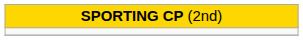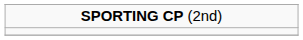 <table class="wikitable" style="text-align: center; margin: 0 auto; width: 20%">
 <tr CERS CUP>
 </tr>
 <tr>
-<td style="background: gold;"><strong> SPORTING CP</strong> (2nd)</td>
+<td><strong> SPORTING CP</strong> (2nd)</td>
 </tr>
 <tr>
 <td></td>
 </tr>
 <tr>
 </tr>
 </table>
